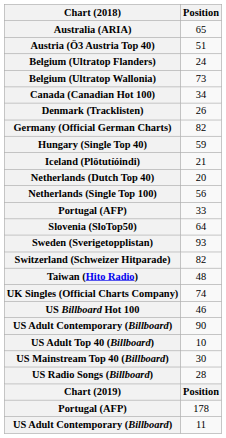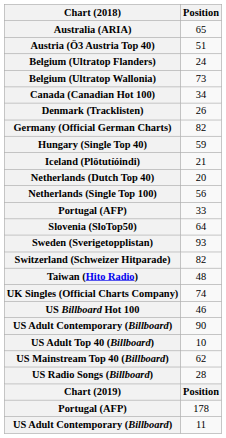 <table class="wikitable sortable plainrowheaders" style="text-align:center">
 <tr>
 <th scope="col">Chart (2018)</th>
 <th scope="col">Position</th>
 </tr>
 <tr>
 <th scope="row">Australia (ARIA)</th>
 <td>65</td>
 </tr>
 <tr>
 <th scope="row">Austria (Ö3 Austria Top 40)</th>
 <td>51</td>
 </tr>
 <tr>
 <th scope="row">Belgium (Ultratop Flanders)</th>
 <td>24</td>
 </tr>
 <tr>
 <th scope="row">Belgium (Ultratop Wallonia)</th>
 <td>73</td>
 </tr>
 <tr>
 <th scope="row">Canada (Canadian Hot 100)</th>
 <td>34</td>
 </tr>
 <tr>
 <th scope="row">Denmark (Tracklisten)</th>
 <td>26</td>
 </tr>
 <tr>
 <th scope="row">Germany (Official German Charts)</th>
 <td>82</td>
 </tr>
 <tr>
 <th scope="row">Hungary (Single Top 40)</th>
 <td>59</td>
 </tr>
 <tr>
 <th scope="row">Iceland (Plötutíóindi)</th>
 <td>21</td>
 </tr>
 <tr>
 <th scope="row">Netherlands (Dutch Top 40)</th>
 <td>20</td>
 </tr>
 <tr>
 <th scope="row">Netherlands (Single Top 100)</th>
 <td>56</td>
 </tr>
 <tr>
 <th scope="row">Portugal (AFP)</th>
 <td>33</td>
 </tr>
 <tr>
 <th scope="row">Slovenia (SloTop50)</th>
 <td>64</td>
 </tr>
 <tr>
 <th scope="row">Sweden (Sverigetopplistan)</th>
 <td>93</td>
 </tr>
 <tr>
 <th scope="row">Switzerland (Schweizer Hitparade)</th>
 <td>82</td>
 </tr>
 <tr>
 <th scope="row">Taiwan (<a href='#'>Hito Radio</a>)</th>
 <td>48</td>
 </tr>
 <tr>
 <th scope="row">UK Singles (Official Charts Company)</th>
 <td>74</td>
 </tr>
 <tr>
 <th scope="row">US <em>Billboard</em> Hot 100</th>
 <td>46</td>
 </tr>
 <tr>
 <th scope="row">US Adult Contemporary (<em>Billboard</em>)</th>
 <td>90</td>
 </tr>
 <tr>
 <th scope="row">US Adult Top 40 (<em>Billboard</em>)</th>
 <td>10</td>
 </tr>
 <tr>
 <th scope="row">US Mainstream Top 40 (<em>Billboard</em>)</th>
-<td>30</td>
+<td>62</td>
 </tr>
 <tr>
 <th scope="row">US Radio Songs (<em>Billboard</em>)</th>
 <td>28</td>
 </tr>
 <tr>
 <th scope="col">Chart (2019)</th>
 <th scope="col">Position</th>
 </tr>
 <tr>
 <th scope="row">Portugal (AFP)</th>
 <td>178</td>
 </tr>
 <tr>
 <th scope="row">US Adult Contemporary (<em>Billboard</em>)</th>
 <td>11</td>
 </tr>
 </table>
